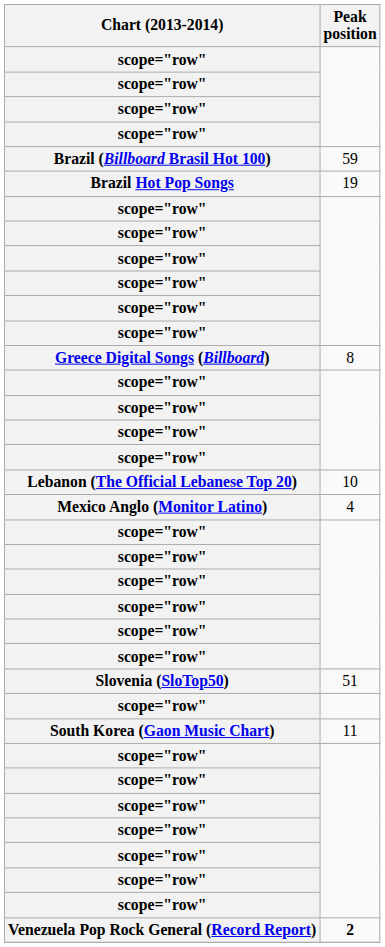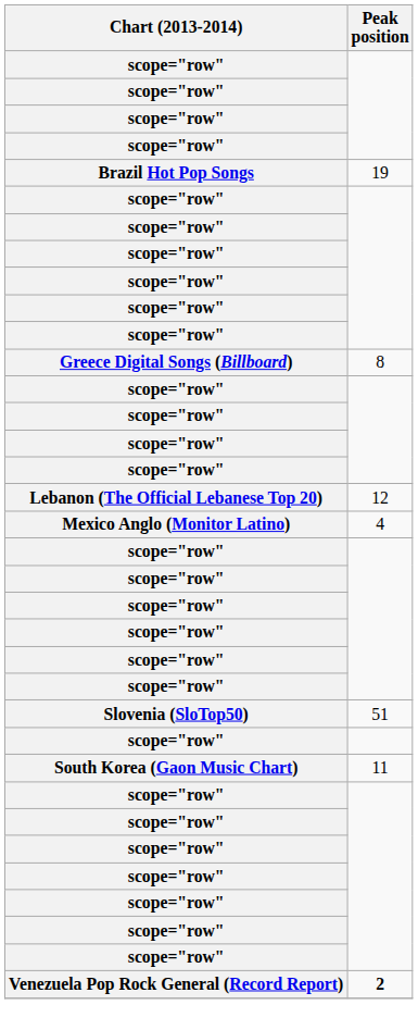 <table class="wikitable sortable plainrowheaders" style="text-align:center;">
 <tr>
 <th>Chart (2013-2014)</th>
 <th>Peak<br>position</th>
 </tr>
 <tr>
 <th>scope="row" </th>
 </tr>
 <tr>
 <th>scope="row" </th>
 </tr>
 <tr>
 <th>scope="row" </th>
 </tr>
 <tr>
 <th>scope="row" </th>
-</tr>
-<tr>
-<th scope="row">Brazil (<a href='#'><em>Billboard</em> Brasil Hot 100</a>)</th>
-<td style="text-align:center;">59</td>
 </tr>
 <tr>
 <th scope="row">Brazil <a href='#'>Hot Pop Songs</a></th>
 <td style="text-align:center;">19</td>
 </tr>
 <tr>
 <th>scope="row" </th>
 </tr>
 <tr>
 <th>scope="row" </th>
 </tr>
 <tr>
 <th>scope="row" </th>
 </tr>
 <tr>
 <th>scope="row" </th>
 </tr>
 <tr>
 <th>scope="row" </th>
 </tr>
 <tr>
 <th>scope="row" </th>
 </tr>
 <tr>
 <th scope="row"><a href='#'>Greece Digital Songs</a> (<em><a href='#'>Billboard</a></em>)</th>
 <td style="text-align:center;">8</td>
 </tr>
 <tr>
 <th>scope="row" </th>
 </tr>
 <tr>
 <th>scope="row" </th>
 </tr>
 <tr>
 <th>scope="row" </th>
 </tr>
 <tr>
 <th>scope="row" </th>
 </tr>
 <tr>
 <th scope="row">Lebanon (<a href='#'>The Official Lebanese Top 20</a>)</th>
-<td style="text-align:center;">10</td>
+<td style="text-align:center;">12</td>
 </tr>
 <tr>
 <th scope="row">Mexico Anglo (<a href='#'>Monitor Latino</a>)</th>
 <td style="text-align:center;">4</td>
 </tr>
 <tr>
 <th>scope="row" </th>
 </tr>
 <tr>
 <th>scope="row" </th>
 </tr>
 <tr>
 <th>scope="row" </th>
 </tr>
 <tr>
 <th>scope="row" </th>
 </tr>
 <tr>
 <th>scope="row" </th>
 </tr>
 <tr>
 <th>scope="row" </th>
 </tr>
 <tr>
 <th scope="row">Slovenia (<a href='#'>SloTop50</a>)</th>
 <td align=center>51</td>
 </tr>
 <tr>
 <th>scope="row" </th>
 </tr>
 <tr>
 <th scope="row">South Korea (<a href='#'>Gaon Music Chart</a>)</th>
 <td style="text-align:center;">11</td>
 </tr>
 <tr>
 <th>scope="row" </th>
 </tr>
 <tr>
 <th>scope="row" </th>
 </tr>
 <tr>
 <th>scope="row" </th>
 </tr>
 <tr>
 <th>scope="row" </th>
 </tr>
 <tr>
 <th>scope="row" </th>
 </tr>
 <tr>
 <th>scope="row" </th>
 </tr>
 <tr>
 <th>scope="row" </th>
 </tr>
 <tr>
 <th scope="row">Venezuela Pop Rock General (<a href='#'>Record Report</a>)</th>
 <td style="text-align:center;"><strong>2</strong></td>
 </tr>
 <tr>
 </tr>
 </table>
